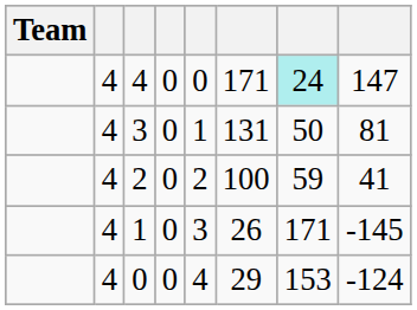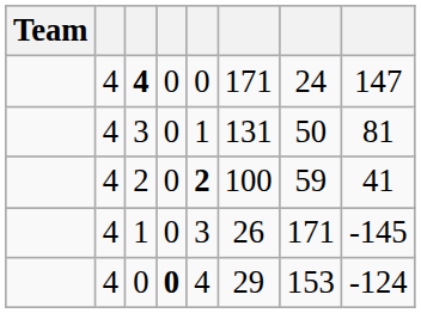 <table class="wikitable" style="text-align: center;">
 <tr>
 <th>Team</th>
 <th></th>
 <th></th>
 <th></th>
 <th></th>
 <th></th>
 <th></th>
 <th></th>
 </tr>
 <tr>
 <td align="left"></td>
 <td>4</td>
-<td>4</td>
+<td><strong>4</strong></td>
 <td>0</td>
 <td>0</td>
 <td>171</td>
-<td style="background: paleturquoise;">24</td>
+<td>24</td>
 <td>147</td>
 </tr>
 <tr>
 <td align="left"></td>
 <td>4</td>
 <td>3</td>
 <td>0</td>
 <td>1</td>
 <td>131</td>
 <td>50</td>
 <td>81</td>
 </tr>
 <tr>
 <td align="left"></td>
 <td>4</td>
 <td>2</td>
 <td>0</td>
-<td>2</td>
+<td><strong>2</strong></td>
 <td>100</td>
 <td>59</td>
 <td>41</td>
 </tr>
 <tr>
 <td align="left"></td>
 <td>4</td>
 <td>1</td>
 <td>0</td>
 <td>3</td>
 <td>26</td>
 <td>171</td>
 <td>-145</td>
 </tr>
 <tr>
 <td align="left"></td>
 <td>4</td>
 <td>0</td>
-<td>0</td>
+<td><strong>0</strong></td>
 <td>4</td>
 <td>29</td>
 <td>153</td>
 <td>-124</td>
 </tr>
 </table>
